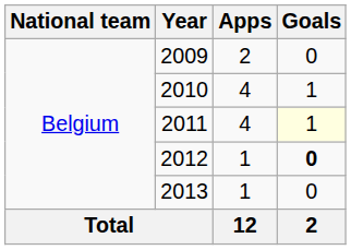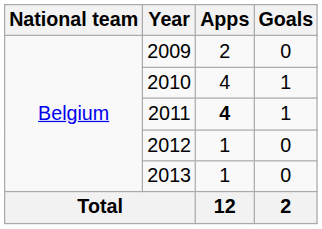 <table class="wikitable" style="text-align:center">
 <tr>
 <th>National team</th>
 <th>Year</th>
 <th>Apps</th>
 <th>Goals</th>
 </tr>
 <tr>
 <td rowspan="5"><a href='#'>Belgium</a></td>
 <td>2009</td>
 <td>2</td>
 <td>0</td>
 </tr>
 <tr>
 <td>2010</td>
 <td>4</td>
 <td>1</td>
 </tr>
 <tr>
 <td>2011</td>
-<td>4</td>
-<td style="background: lightyellow;">1</td>
+<td><strong>4</strong></td>
+<td>1</td>
 </tr>
 <tr>
 <td>2012</td>
 <td>1</td>
-<td><strong>0</strong></td>
+<td>0</td>
 </tr>
 <tr>
 <td>2013</td>
 <td>1</td>
 <td>0</td>
 </tr>
 <tr>
 <th colspan="2">Total</th>
 <th>12</th>
 <th>2</th>
 </tr>
 </table>
